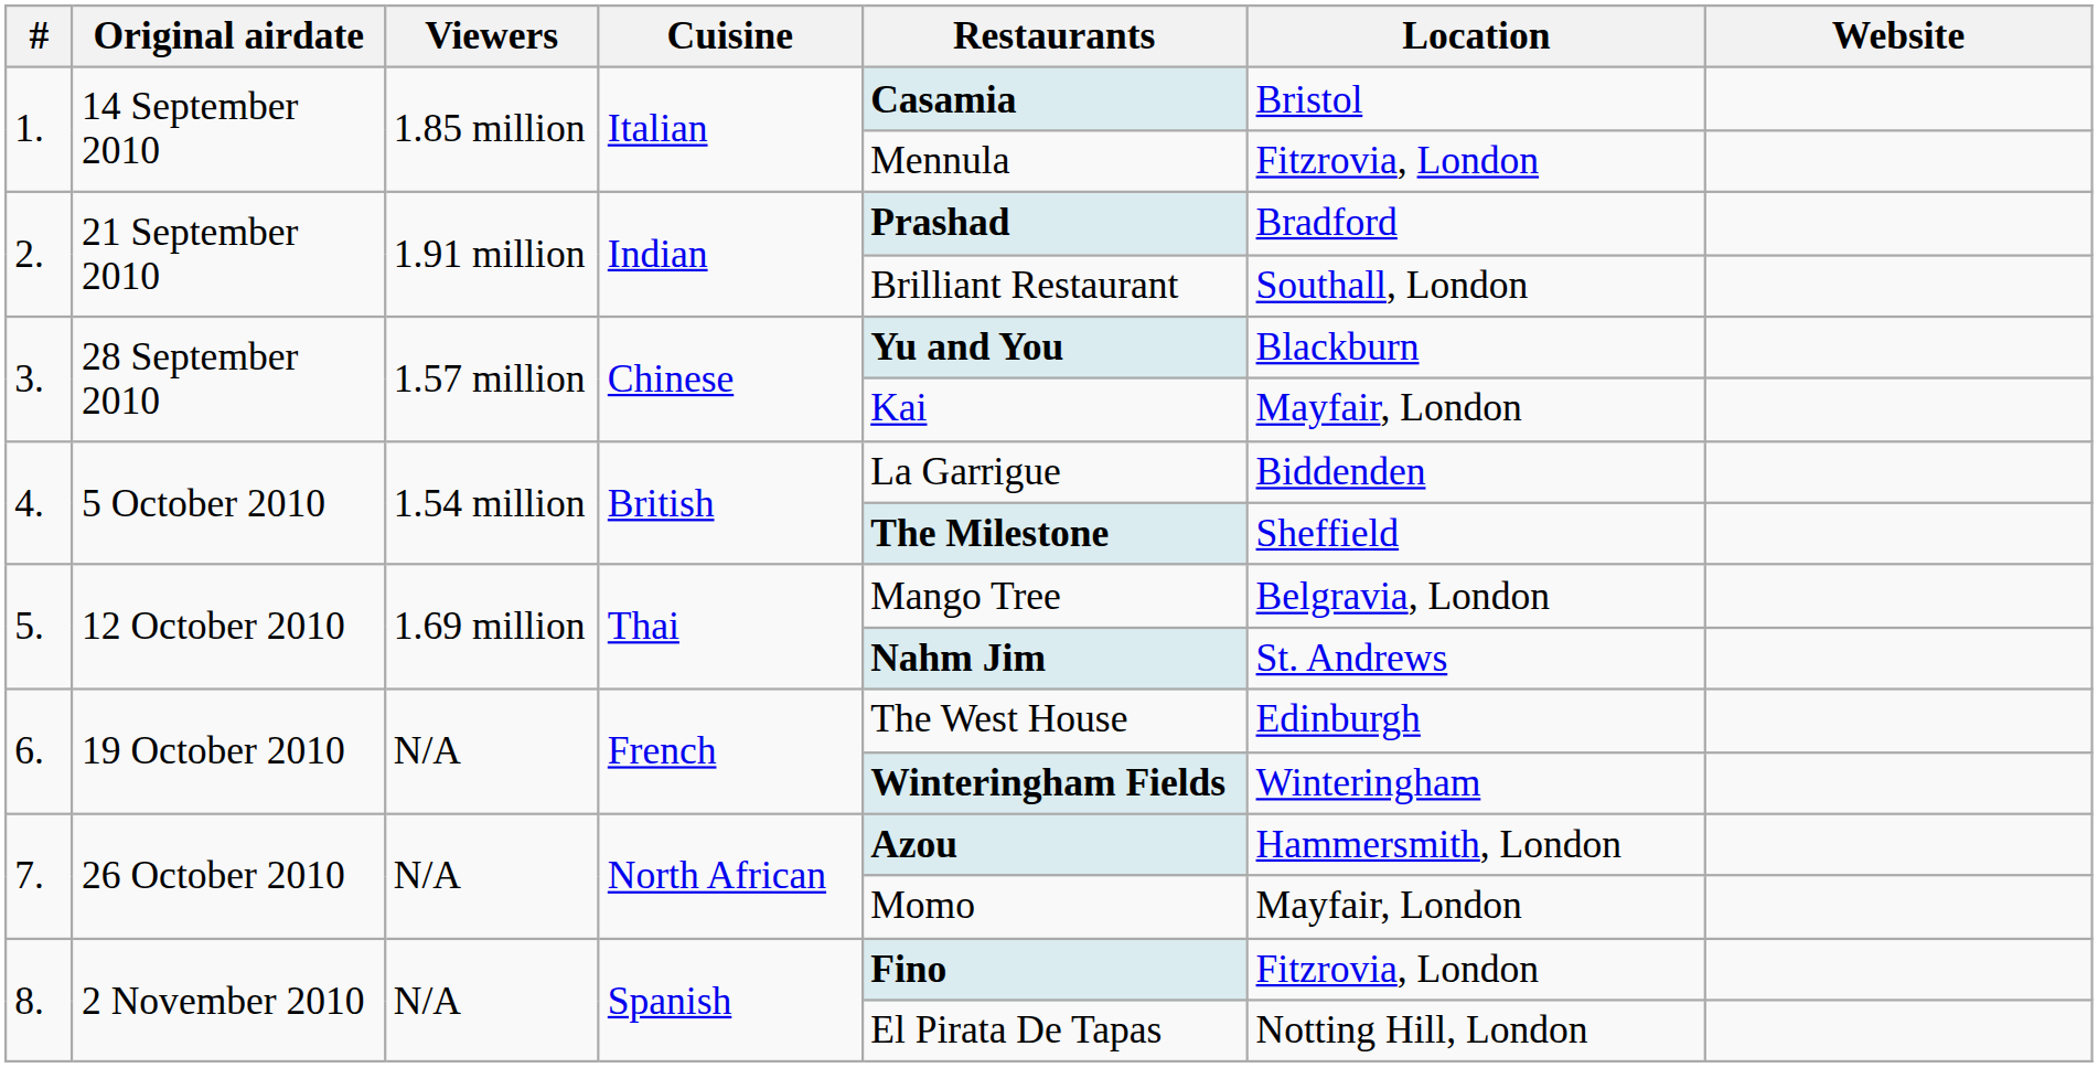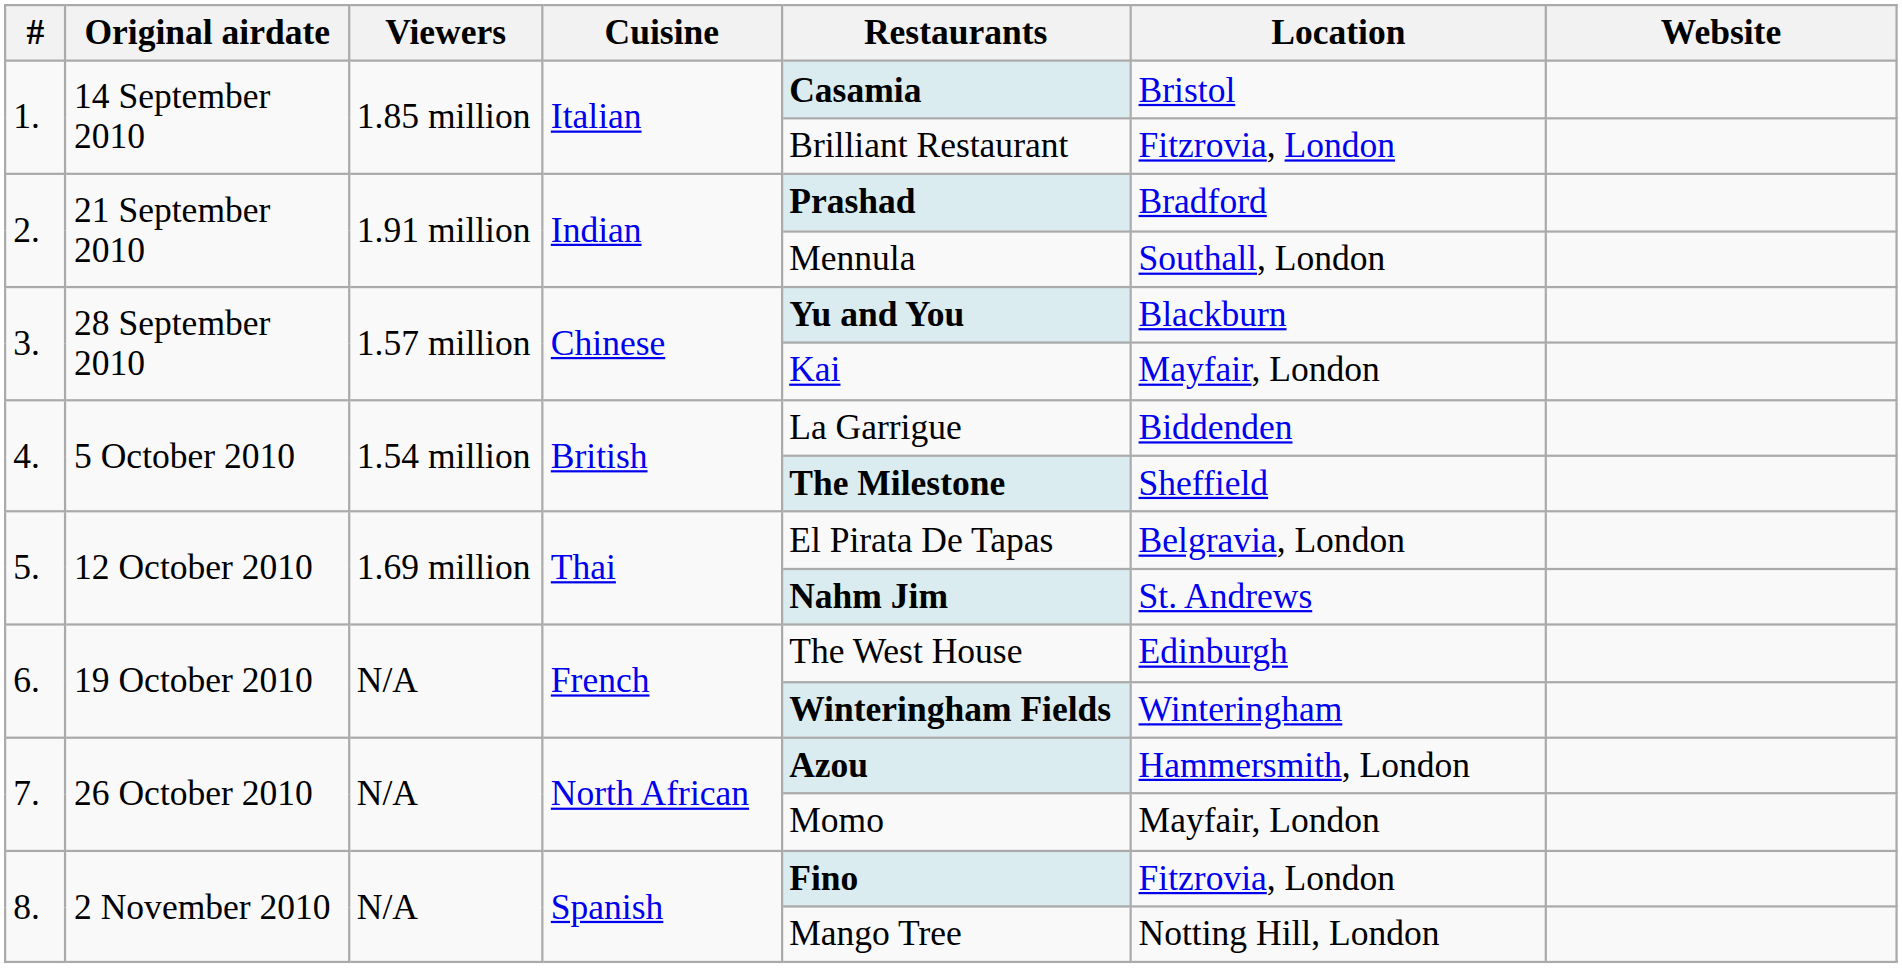 <table class=wikitable>
 <tr>
 <th style="width:20px">#</th>
 <th style="width:120px">Original airdate</th>
 <th style="width:80px">Viewers</th>
 <th style="width:100px">Cuisine</th>
 <th style="width:150px">Restaurants</th>
 <th style="width:180px">Location</th>
 <th style="width:150px">Website</th>
 </tr>
 <tr>
 <td rowspan=2>1.</td>
 <td rowspan=2>14 September 2010</td>
 <td rowspan=2>1.85 million</td>
 <td rowspan=2><a href='#'>Italian</a></td>
 <td bgcolor="#DAECF0"><strong>Casamia</strong></td>
 <td><a href='#'>Bristol</a></td>
 <td></td>
 </tr>
 <tr>
-<td>Mennula</td>
+<td>Brilliant Restaurant</td>
 <td><a href='#'>Fitzrovia</a>, <a href='#'>London</a></td>
 <td></td>
 </tr>
 <tr>
 <td rowspan=2>2.</td>
 <td rowspan=2>21 September 2010</td>
 <td rowspan=2>1.91 million</td>
 <td rowspan=2><a href='#'>Indian</a></td>
 <td bgcolor="#DAECF0"><strong>Prashad</strong></td>
 <td><a href='#'>Bradford</a></td>
 <td></td>
 </tr>
 <tr>
-<td>Brilliant Restaurant</td>
+<td>Mennula</td>
 <td><a href='#'>Southall</a>, London</td>
 <td></td>
 </tr>
 <tr>
 <td rowspan=2>3.</td>
 <td rowspan=2>28 September 2010</td>
 <td rowspan=2>1.57 million</td>
 <td rowspan=2><a href='#'>Chinese</a></td>
 <td bgcolor="#DAECF0"><strong>Yu and You</strong></td>
 <td><a href='#'>Blackburn</a></td>
 <td></td>
 </tr>
 <tr>
 <td><a href='#'>Kai</a></td>
 <td><a href='#'>Mayfair</a>, London</td>
 <td></td>
 </tr>
 <tr>
 <td rowspan=2>4.</td>
 <td rowspan=2>5 October 2010</td>
 <td rowspan=2>1.54 million</td>
 <td rowspan=2><a href='#'>British</a></td>
 <td>La Garrigue</td>
 <td><a href='#'>Biddenden</a></td>
 <td></td>
 </tr>
 <tr>
 <td bgcolor="#DAECF0"><strong>The Milestone</strong></td>
 <td><a href='#'>Sheffield</a></td>
 <td></td>
 </tr>
 <tr>
 <td rowspan=2>5.</td>
 <td rowspan=2>12 October 2010</td>
 <td rowspan=2>1.69 million</td>
 <td rowspan=2><a href='#'>Thai</a></td>
-<td>Mango Tree</td>
+<td>El Pirata De Tapas</td>
 <td><a href='#'>Belgravia</a>, London</td>
 <td></td>
 </tr>
 <tr>
 <td bgcolor="#DAECF0"><strong>Nahm Jim</strong></td>
 <td><a href='#'>St. Andrews</a></td>
 <td></td>
 </tr>
 <tr>
 <td rowspan=2>6.</td>
 <td rowspan=2>19 October 2010</td>
 <td rowspan=2>N/A</td>
 <td rowspan=2><a href='#'>French</a></td>
 <td>The West House</td>
 <td><a href='#'>Edinburgh</a></td>
 <td></td>
 </tr>
 <tr>
 <td bgcolor="#DAECF0"><strong>Winteringham Fields</strong></td>
 <td><a href='#'>Winteringham</a></td>
 <td></td>
 </tr>
 <tr>
 <td rowspan=2>7.</td>
 <td rowspan=2>26 October 2010</td>
 <td rowspan=2>N/A</td>
 <td rowspan=2><a href='#'>North African</a></td>
 <td bgcolor="#DAECF0"><strong>Azou</strong></td>
 <td><a href='#'>Hammersmith</a>, London</td>
 <td></td>
 </tr>
 <tr>
 <td>Momo</td>
 <td>Mayfair, London</td>
 <td></td>
 </tr>
 <tr>
 <td rowspan=2>8.</td>
 <td rowspan=2>2 November 2010</td>
 <td rowspan=2>N/A</td>
 <td rowspan=2><a href='#'>Spanish</a></td>
 <td bgcolor="#DAECF0"><strong>Fino</strong></td>
 <td><a href='#'>Fitzrovia</a>, London</td>
 <td></td>
 </tr>
 <tr>
-<td>El Pirata De Tapas</td>
+<td>Mango Tree</td>
 <td>Notting Hill, London</td>
 <td></td>
 </tr>
 </table>
